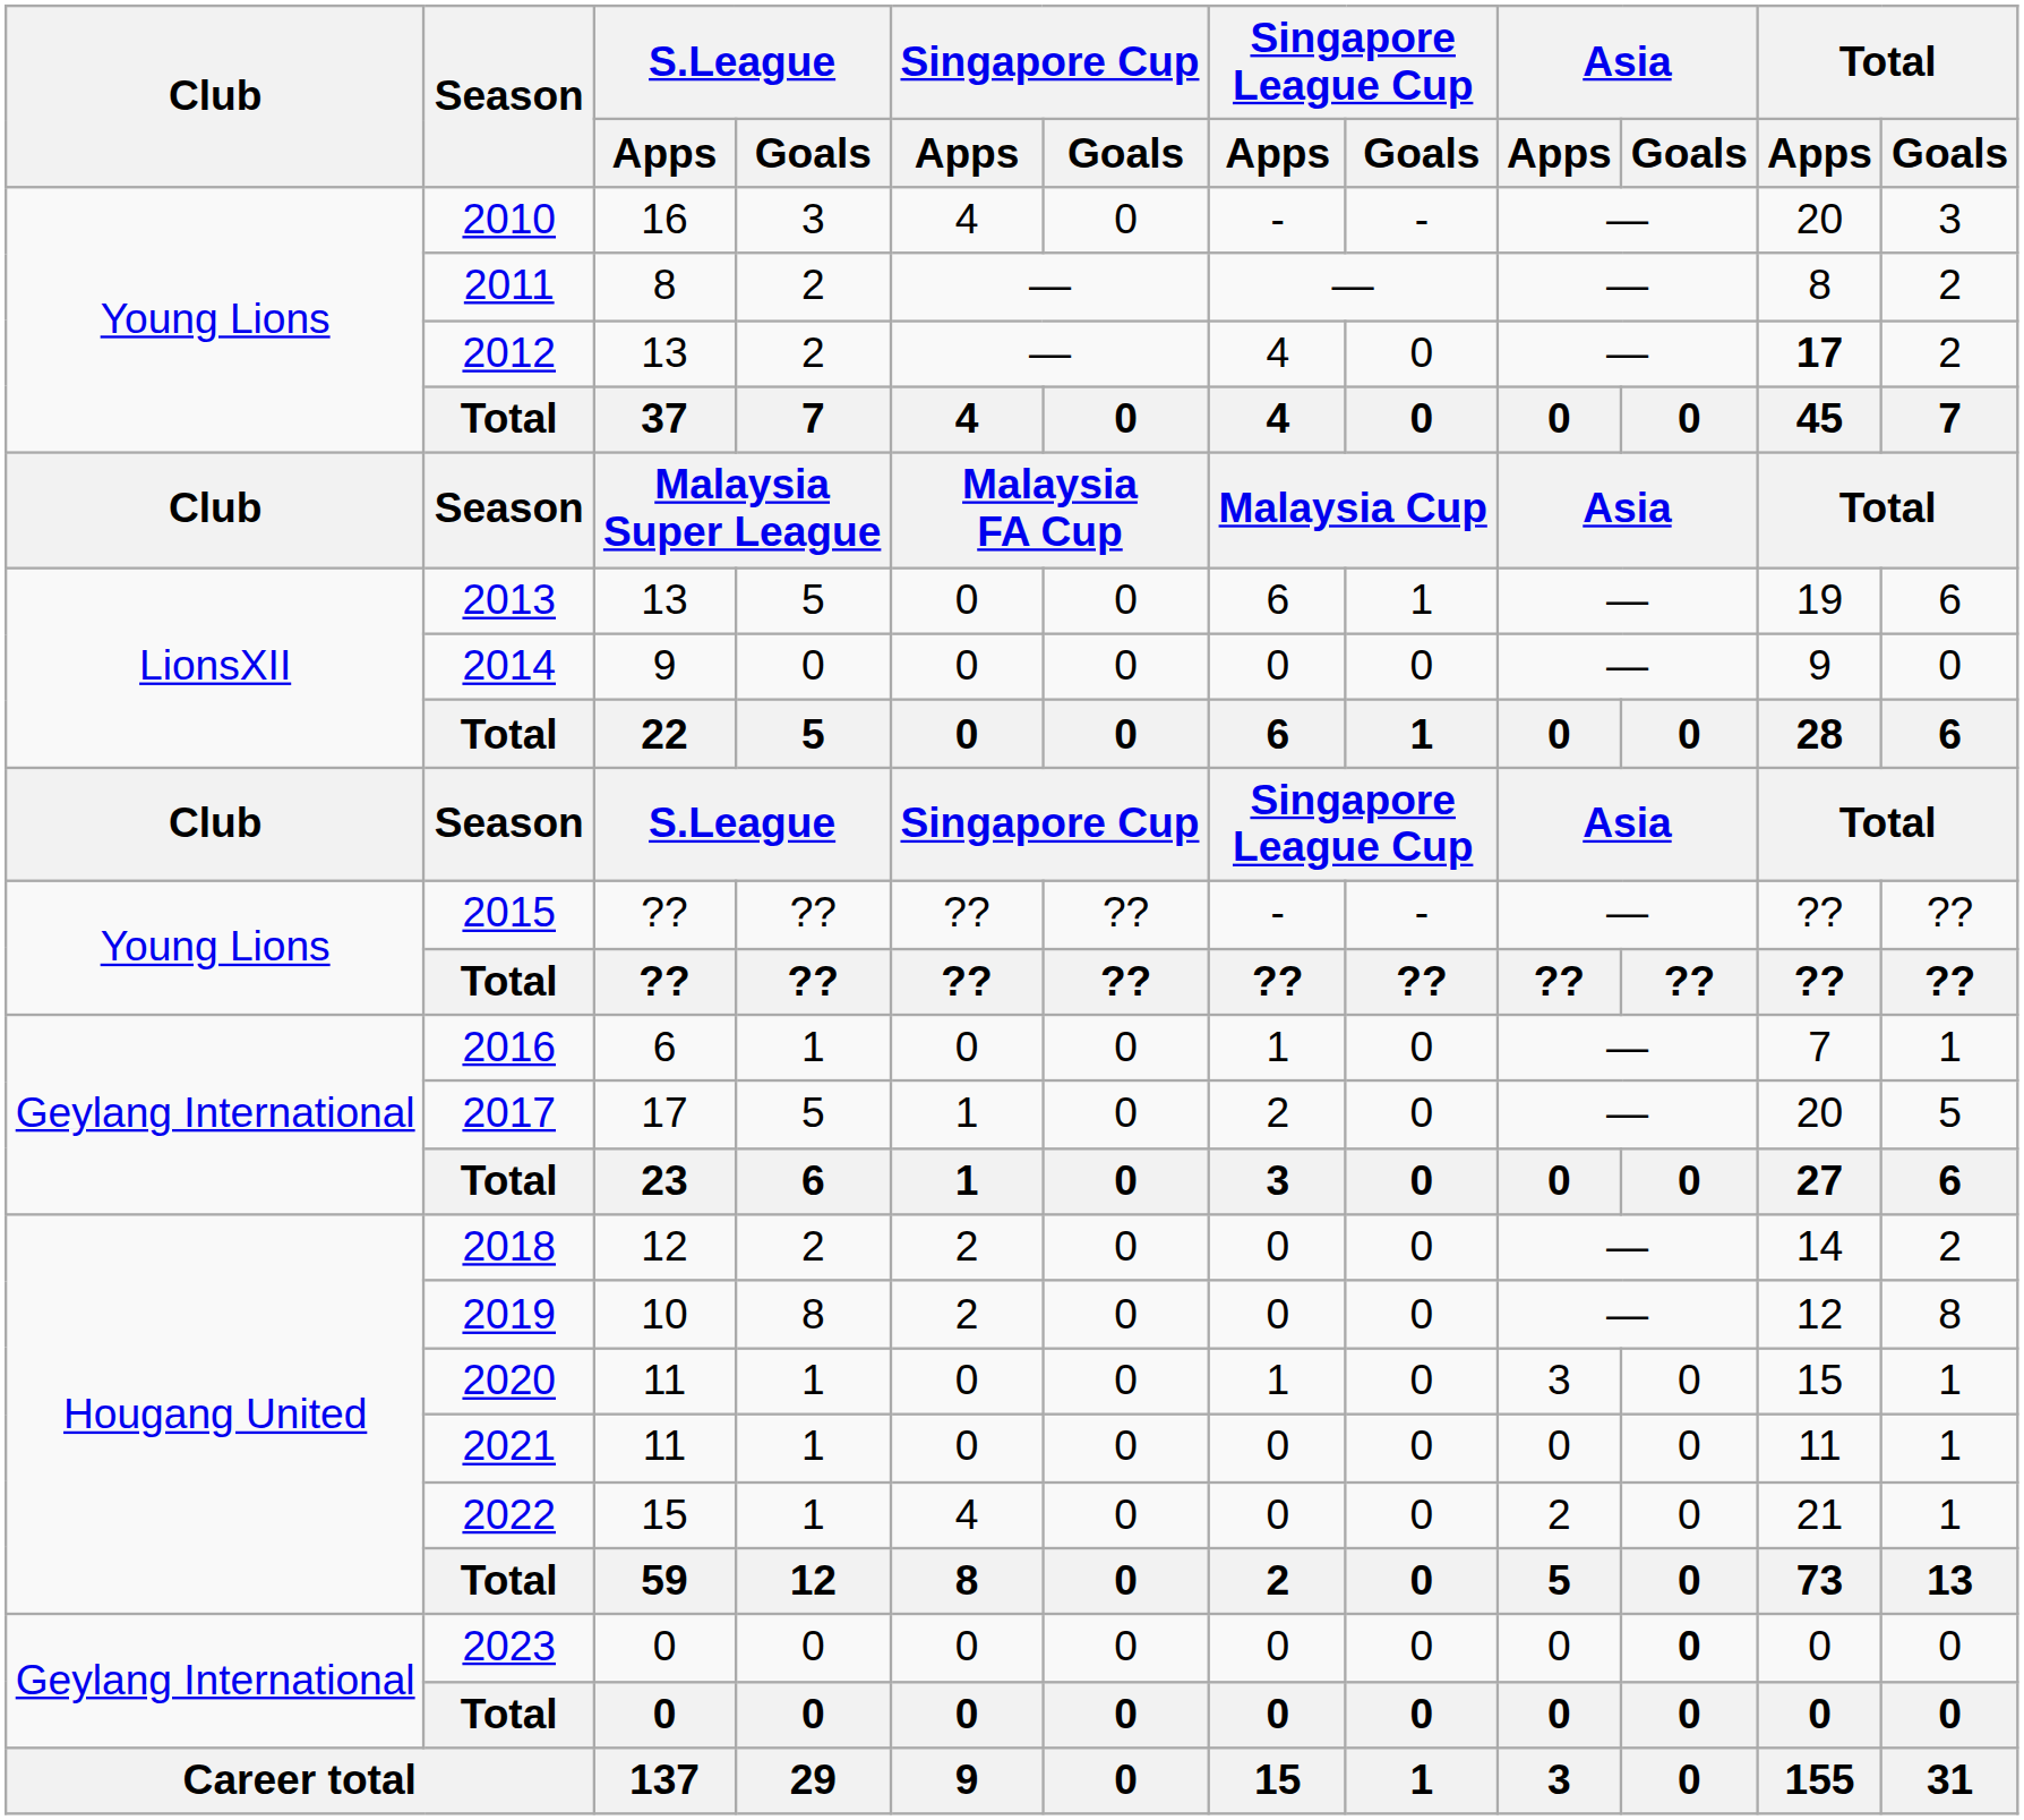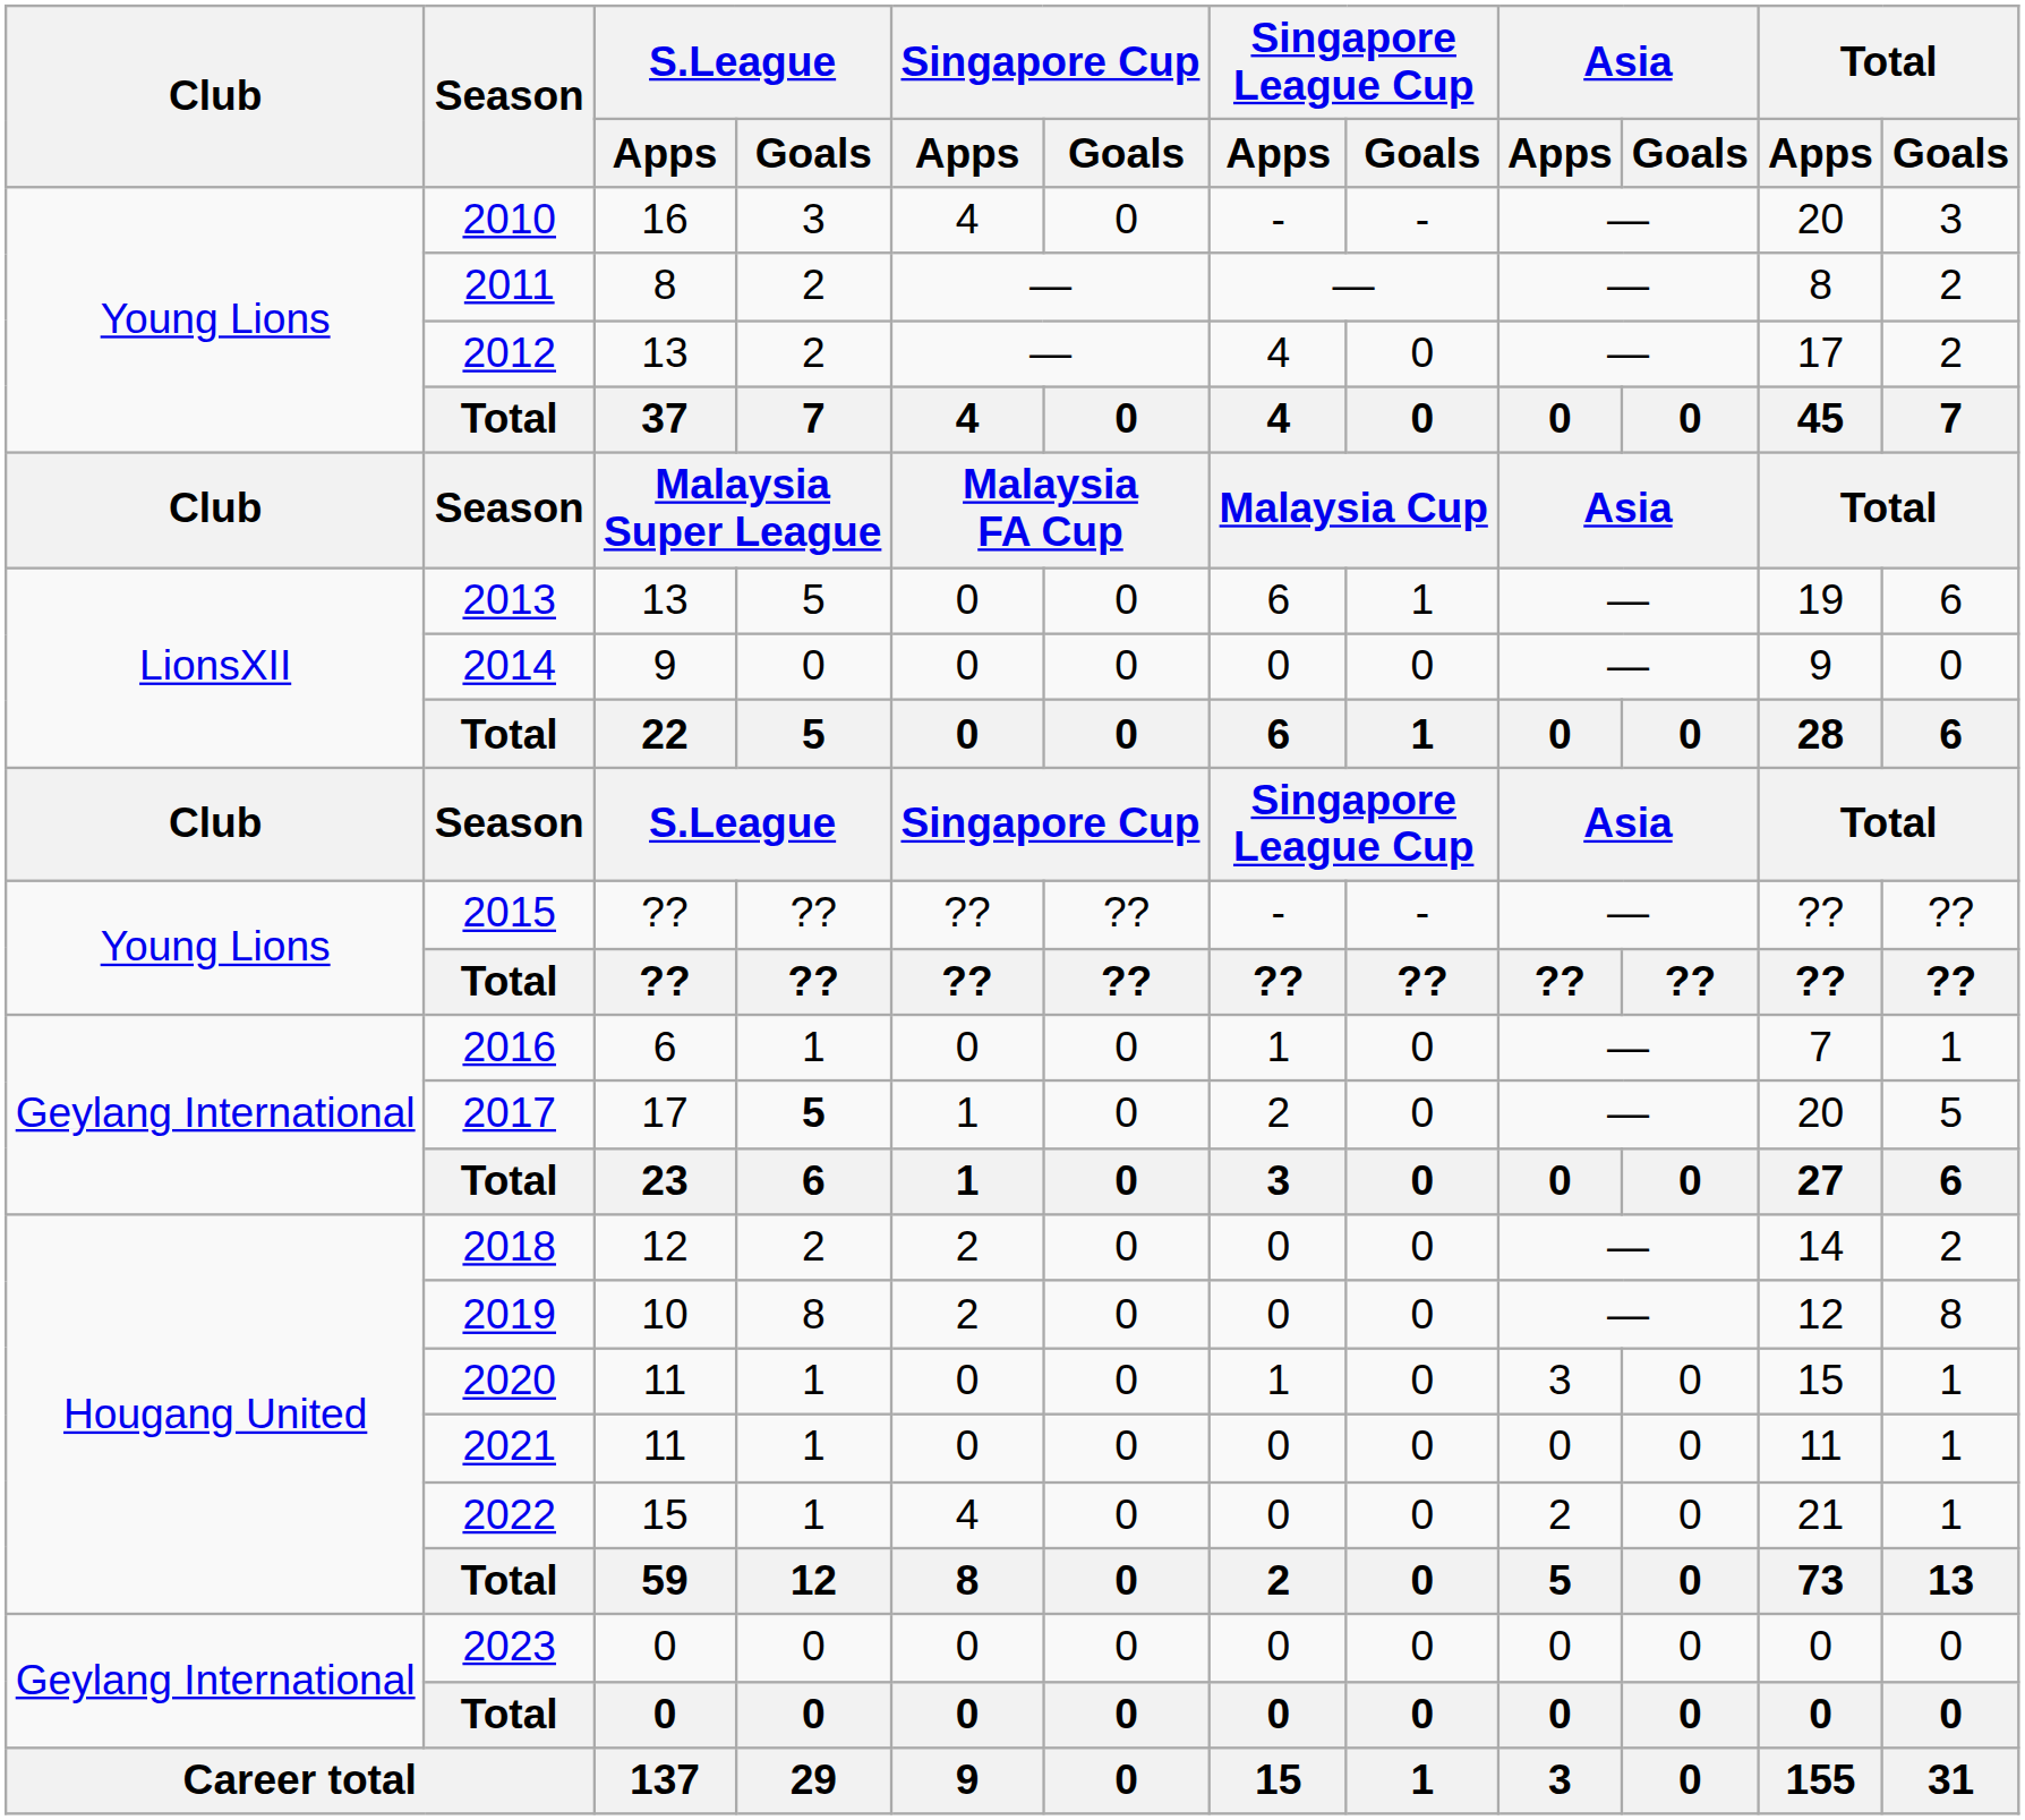 <table class="wikitable" style="text-align:center">
 <tr>
 <th rowspan="2">Club</th>
 <th rowspan="2">Season</th>
 <th colspan="2"><a href='#'>S.League</a></th>
 <th colspan="2"><a href='#'>Singapore Cup</a></th>
 <th colspan="2"><a href='#'>Singapore<br>League Cup</a></th>
 <th colspan="2"><a href='#'>Asia</a></th>
 <th colspan="2">Total</th>
 </tr>
 <tr>
 <th>Apps</th>
 <th>Goals</th>
 <th>Apps</th>
 <th>Goals</th>
 <th>Apps</th>
 <th>Goals</th>
 <th>Apps</th>
 <th>Goals</th>
 <th>Apps</th>
 <th>Goals</th>
 </tr>
 <tr>
 <td rowspan="4"><a href='#'>Young Lions</a></td>
 <td><a href='#'>2010</a></td>
 <td>16</td>
 <td>3</td>
 <td>4</td>
 <td>0</td>
 <td>-</td>
 <td>-</td>
 <td colspan='2'>—</td>
 <td>20</td>
 <td>3</td>
 </tr>
 <tr>
 <td><a href='#'>2011</a></td>
 <td>8</td>
 <td>2</td>
 <td colspan='2'>—</td>
 <td colspan='2'>—</td>
 <td colspan='2'>—</td>
 <td>8</td>
 <td>2</td>
 </tr>
 <tr>
 <td><a href='#'>2012</a></td>
 <td>13</td>
 <td>2</td>
 <td colspan='2'>—</td>
 <td>4</td>
 <td>0</td>
 <td colspan='2'>—</td>
-<td><strong>17</strong></td>
+<td>17</td>
 <td>2</td>
 </tr>
 <tr>
 <th>Total</th>
 <th>37</th>
 <th>7</th>
 <th>4</th>
 <th>0</th>
 <th>4</th>
 <th>0</th>
 <th>0</th>
 <th>0</th>
 <th>45</th>
 <th>7</th>
 </tr>
 <tr>
 <th>Club</th>
 <th>Season</th>
 <th colspan="2"><a href='#'>Malaysia<br>Super League</a></th>
 <th colspan="2"><a href='#'>Malaysia<br>FA Cup</a></th>
 <th colspan="2"><a href='#'>Malaysia Cup</a></th>
 <th colspan="2"><a href='#'>Asia</a></th>
 <th colspan="2">Total</th>
 </tr>
 <tr>
 <td rowspan="3"><a href='#'>LionsXII</a></td>
 <td><a href='#'>2013</a></td>
 <td>13</td>
 <td>5</td>
 <td>0</td>
 <td>0</td>
 <td>6</td>
 <td>1</td>
 <td colspan='2'>—</td>
 <td>19</td>
 <td>6</td>
 </tr>
 <tr>
 <td><a href='#'>2014</a></td>
 <td>9</td>
 <td>0</td>
 <td>0</td>
 <td>0</td>
 <td>0</td>
 <td>0</td>
 <td colspan='2'>—</td>
 <td>9</td>
 <td>0</td>
 </tr>
 <tr>
 <th>Total</th>
 <th>22</th>
 <th>5</th>
 <th>0</th>
 <th>0</th>
 <th>6</th>
 <th>1</th>
 <th>0</th>
 <th>0</th>
 <th>28</th>
 <th>6</th>
 </tr>
 <tr>
 <th rowspan="1">Club</th>
 <th rowspan="1">Season</th>
 <th colspan="2"><a href='#'>S.League</a></th>
 <th colspan="2"><a href='#'>Singapore Cup</a></th>
 <th colspan="2"><a href='#'>Singapore<br>League Cup</a></th>
 <th colspan="2"><a href='#'>Asia</a></th>
 <th colspan="2">Total</th>
 </tr>
 <tr>
 <td rowspan="2"><a href='#'>Young Lions</a></td>
 <td><a href='#'>2015</a></td>
 <td>??</td>
 <td>??</td>
 <td>??</td>
 <td>??</td>
 <td>-</td>
 <td>-</td>
 <td colspan='2'>—</td>
 <td>??</td>
 <td>??</td>
 </tr>
 <tr>
 <th>Total</th>
 <th>??</th>
 <th>??</th>
 <th>??</th>
 <th>??</th>
 <th>??</th>
 <th>??</th>
 <th>??</th>
 <th>??</th>
 <th>??</th>
 <th>??</th>
 </tr>
 <tr>
 <td rowspan="3"><a href='#'>Geylang International</a></td>
 <td><a href='#'>2016</a></td>
 <td>6</td>
 <td>1</td>
 <td>0</td>
 <td>0</td>
 <td>1</td>
 <td>0</td>
 <td colspan='2'>—</td>
 <td>7</td>
 <td>1</td>
 </tr>
 <tr>
 <td><a href='#'>2017</a></td>
 <td>17</td>
-<td>5</td>
+<td><strong>5</strong></td>
 <td>1</td>
 <td>0</td>
 <td>2</td>
 <td>0</td>
 <td colspan='2'>—</td>
 <td>20</td>
 <td>5</td>
 </tr>
 <tr>
 <th>Total</th>
 <th>23</th>
 <th>6</th>
 <th>1</th>
 <th>0</th>
 <th>3</th>
 <th>0</th>
 <th>0</th>
 <th>0</th>
 <th>27</th>
 <th>6</th>
 </tr>
 <tr>
 <td rowspan="6"><a href='#'>Hougang United</a></td>
 <td><a href='#'>2018</a></td>
 <td>12</td>
 <td>2</td>
 <td>2</td>
 <td>0</td>
 <td>0</td>
 <td>0</td>
 <td colspan='2'>—</td>
 <td>14</td>
 <td>2</td>
 </tr>
 <tr>
 <td><a href='#'>2019</a></td>
 <td>10</td>
 <td>8</td>
 <td>2</td>
 <td>0</td>
 <td>0</td>
 <td>0</td>
 <td colspan='2'>—</td>
 <td>12</td>
 <td>8</td>
 </tr>
 <tr>
 <td><a href='#'>2020</a></td>
 <td>11</td>
 <td>1</td>
 <td>0</td>
 <td>0</td>
 <td>1</td>
 <td>0</td>
 <td>3</td>
 <td>0</td>
 <td>15</td>
 <td>1</td>
 </tr>
 <tr>
 <td><a href='#'>2021</a></td>
 <td>11</td>
 <td>1</td>
 <td>0</td>
 <td>0</td>
 <td>0</td>
 <td>0</td>
 <td>0</td>
 <td>0</td>
 <td>11</td>
 <td>1</td>
 </tr>
 <tr>
 <td><a href='#'>2022</a></td>
 <td>15</td>
 <td>1</td>
 <td>4</td>
 <td>0</td>
 <td>0</td>
 <td>0</td>
 <td>2</td>
 <td>0</td>
 <td>21</td>
 <td>1</td>
 </tr>
 <tr>
 <th>Total</th>
 <th>59</th>
 <th>12</th>
 <th>8</th>
 <th>0</th>
 <th>2</th>
 <th>0</th>
 <th>5</th>
 <th>0</th>
 <th>73</th>
 <th>13</th>
 </tr>
 <tr>
 <td rowspan="2"><a href='#'>Geylang International</a></td>
 <td><a href='#'>2023</a></td>
 <td>0</td>
 <td>0</td>
 <td>0</td>
 <td>0</td>
 <td>0</td>
 <td>0</td>
 <td>0</td>
-<td><strong>0</strong></td>
+<td>0</td>
 <td>0</td>
 <td>0</td>
 </tr>
 <tr>
 <th>Total</th>
 <th>0</th>
 <th>0</th>
 <th>0</th>
 <th>0</th>
 <th>0</th>
 <th>0</th>
 <th>0</th>
 <th>0</th>
 <th>0</th>
 <th>0</th>
 </tr>
 <tr>
 <th colspan="2">Career total</th>
 <th>137</th>
 <th>29</th>
 <th>9</th>
 <th>0</th>
 <th>15</th>
 <th>1</th>
 <th>3</th>
 <th>0</th>
 <th>155</th>
 <th>31</th>
 </tr>
 </table>
